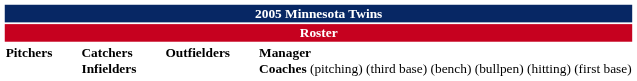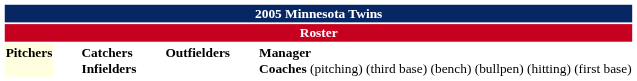 <table class="toccolours" style="font-size: 95%;">
 <tr>
 <th colspan="10" style="background-color: #072764; color: #FFFFFF; text-align: center;">2005 Minnesota Twins</th>
 </tr>
 <tr>
 <td colspan="10" style="background-color: #c6011f; color: white; text-align: center;"><strong>Roster</strong></td>
 </tr>
 <tr>
-<td valign="top"><strong>Pitchers</strong><br>              </td>
+<td valign="top" style="background: lightyellow;"><strong>Pitchers</strong><br>              </td>
 <td width="25px"></td>
 <td valign="top"><strong>Catchers</strong><br>    <strong>Infielders</strong>            </td>
 <td width="25px"></td>
 <td valign="top"><strong>Outfielders</strong><br>     </td>
 <td width="25px"></td>
 <td valign="top"><strong>Manager</strong><br> <strong>Coaches</strong>  (pitching)  (third base)  (bench)  (bullpen)  (hitting)  (first base)</td>
 </tr>
 <tr>
 </tr>
 </table>
